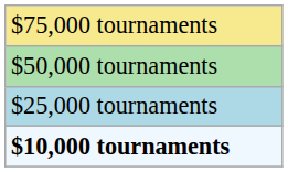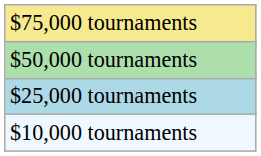 <table class="wikitable" style="font-size:90%;" width=13%>
 <tr bgcolor="#F7E98E">
 <td>$75,000 tournaments</td>
 </tr>
 <tr bgcolor="#ADDFAD">
 <td>$50,000 tournaments</td>
 </tr>
 <tr bgcolor="lightblue">
 <td>$25,000 tournaments</td>
 </tr>
 <tr bgcolor="#f0f8ff">
-<td><strong>$10,000 tournaments</strong></td>
+<td>$10,000 tournaments</td>
 </tr>
 </table>
